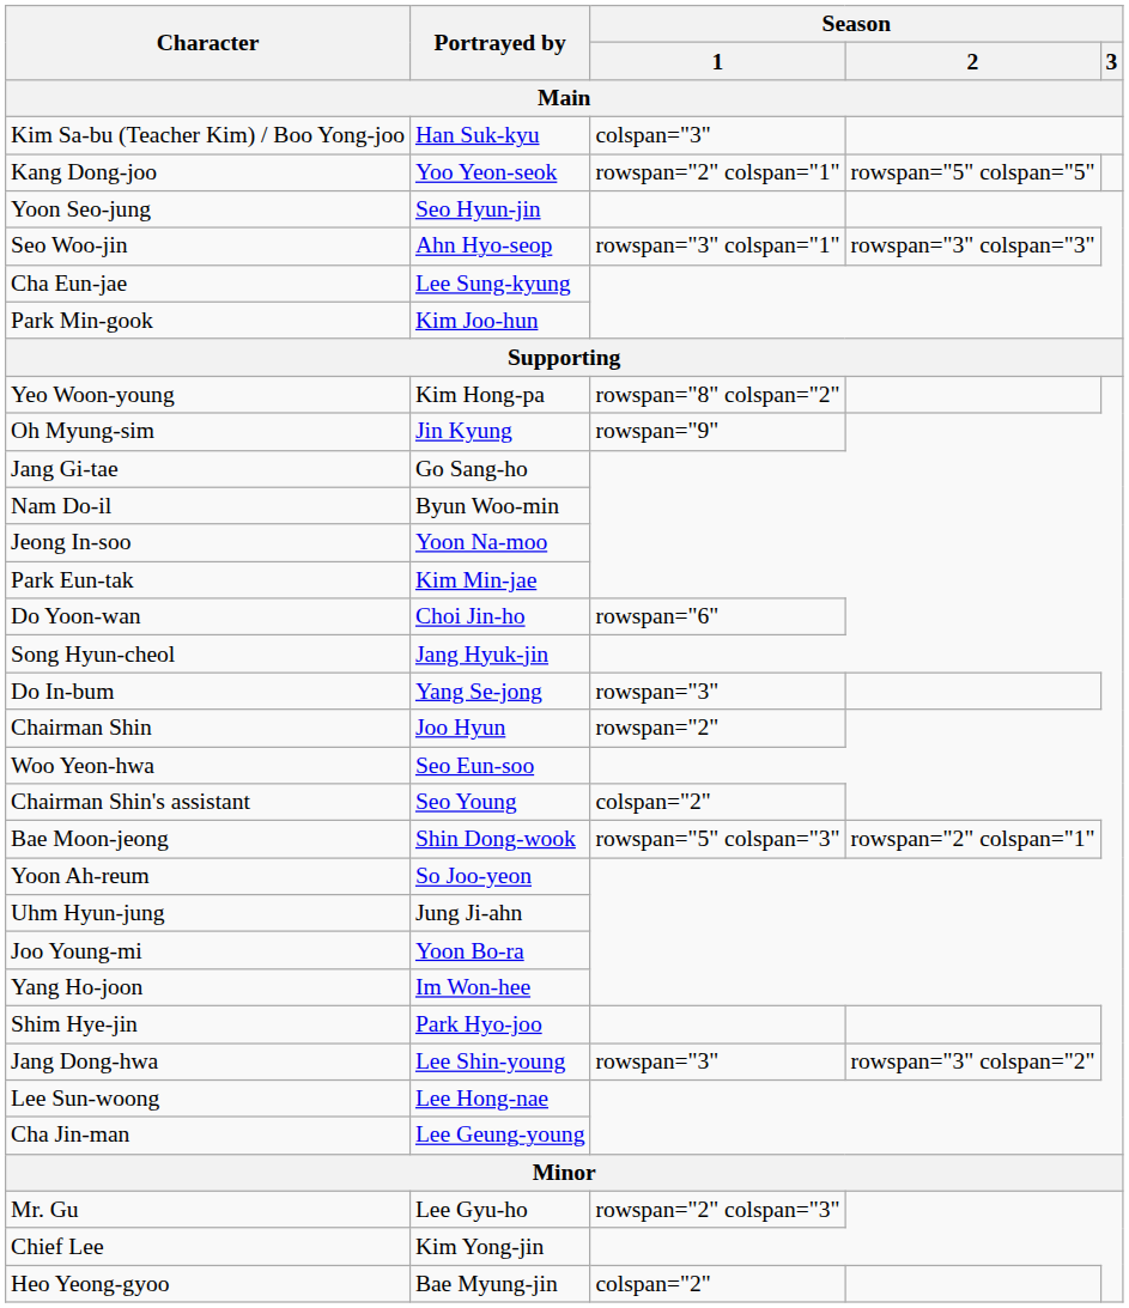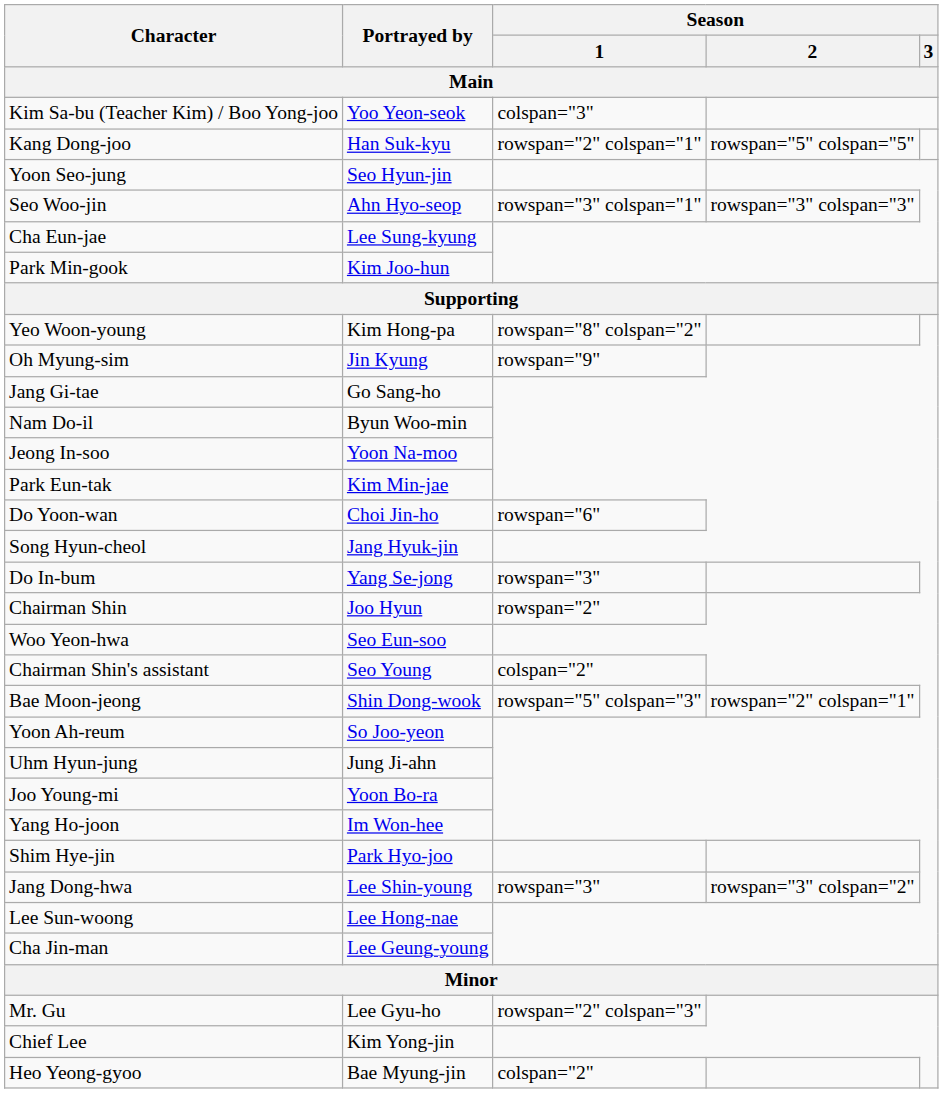 <table class="wikitable">
 <tr>
 <th scope="col" rowspan="2">Character</th>
 <th scope="col" rowspan="2">Portrayed by</th>
 <th colspan="3" scope="col">Season</th>
 </tr>
 <tr>
 <th scope="col">1</th>
 <th scope="col">2</th>
 <th scope="col">3</th>
 </tr>
 <tr>
 <th colspan="5" scope="col">Main</th>
 </tr>
 <tr>
 <td>Kim Sa-bu (Teacher Kim) / Boo Yong-joo</td>
-<td><a href='#'>Han Suk-kyu</a></td>
+<td><a href='#'>Yoo Yeon-seok</a></td>
 <td>colspan="3" </td>
 </tr>
 <tr>
 <td>Kang Dong-joo</td>
-<td><a href='#'>Yoo Yeon-seok</a></td>
+<td><a href='#'>Han Suk-kyu</a></td>
 <td>rowspan="2" colspan="1" </td>
 <td>rowspan="5" colspan="5" </td>
 <td></td>
 </tr>
 <tr>
 <td>Yoon Seo-jung</td>
 <td><a href='#'>Seo Hyun-jin</a></td>
 <td></td>
 </tr>
 <tr>
 <td>Seo Woo-jin</td>
 <td><a href='#'>Ahn Hyo-seop</a></td>
 <td>rowspan="3" colspan="1" </td>
 <td>rowspan="3" colspan="3" </td>
 </tr>
 <tr>
 <td>Cha Eun-jae</td>
 <td><a href='#'>Lee Sung-kyung</a></td>
 </tr>
 <tr>
 <td>Park Min-gook</td>
 <td><a href='#'>Kim Joo-hun</a></td>
 </tr>
 <tr>
 <th colspan="5" scope="col">Supporting</th>
 </tr>
 <tr>
 <td>Yeo Woon-young</td>
 <td>Kim Hong-pa</td>
 <td>rowspan="8" colspan="2" </td>
 <td></td>
 </tr>
 <tr>
 <td>Oh Myung-sim</td>
 <td><a href='#'>Jin Kyung</a></td>
 <td>rowspan="9" </td>
 </tr>
 <tr>
 <td>Jang Gi-tae</td>
 <td>Go Sang-ho</td>
 </tr>
 <tr>
 <td>Nam Do-il</td>
 <td>Byun Woo-min</td>
 </tr>
 <tr>
 <td>Jeong In-soo</td>
 <td><a href='#'>Yoon Na-moo</a></td>
 </tr>
 <tr>
 <td>Park Eun-tak</td>
 <td><a href='#'>Kim Min-jae</a></td>
 </tr>
 <tr>
 <td>Do Yoon-wan</td>
 <td><a href='#'>Choi Jin-ho</a></td>
 <td>rowspan="6" </td>
 </tr>
 <tr>
 <td>Song Hyun-cheol</td>
 <td><a href='#'>Jang Hyuk-jin</a></td>
 </tr>
 <tr>
 <td>Do In-bum</td>
 <td><a href='#'>Yang Se-jong</a></td>
 <td>rowspan="3" </td>
 <td></td>
 </tr>
 <tr>
 <td>Chairman Shin</td>
 <td><a href='#'>Joo Hyun</a></td>
 <td>rowspan="2" </td>
 </tr>
 <tr>
 <td>Woo Yeon-hwa</td>
 <td><a href='#'>Seo Eun-soo</a></td>
 </tr>
 <tr>
 <td>Chairman Shin's assistant</td>
 <td><a href='#'>Seo Young</a></td>
 <td>colspan="2" </td>
 </tr>
 <tr>
 <td>Bae Moon-jeong</td>
 <td><a href='#'>Shin Dong-wook</a></td>
 <td>rowspan="5" colspan="3" </td>
 <td>rowspan="2" colspan="1" </td>
 </tr>
 <tr>
 <td>Yoon Ah-reum</td>
 <td><a href='#'>So Joo-yeon</a></td>
 </tr>
 <tr>
 <td>Uhm Hyun-jung</td>
 <td>Jung Ji-ahn</td>
 </tr>
 <tr>
 <td>Joo Young-mi</td>
 <td><a href='#'>Yoon Bo-ra</a></td>
 </tr>
 <tr>
 <td>Yang Ho-joon</td>
 <td><a href='#'>Im Won-hee</a></td>
 </tr>
 <tr>
 <td>Shim Hye-jin</td>
 <td><a href='#'>Park Hyo-joo</a></td>
 <td></td>
 <td></td>
 </tr>
 <tr>
 <td>Jang Dong-hwa</td>
 <td><a href='#'>Lee Shin-young</a></td>
 <td>rowspan="3" </td>
 <td>rowspan="3" colspan="2" </td>
 </tr>
 <tr>
 <td>Lee Sun-woong</td>
 <td><a href='#'>Lee Hong-nae</a></td>
 </tr>
 <tr>
 <td>Cha Jin-man</td>
 <td><a href='#'>Lee Geung-young</a></td>
 </tr>
 <tr>
 <th colspan="5" scope="col">Minor</th>
 </tr>
 <tr>
 <td>Mr. Gu</td>
 <td>Lee Gyu-ho</td>
 <td>rowspan="2" colspan="3" </td>
 </tr>
 <tr>
 <td>Chief Lee</td>
 <td>Kim Yong-jin</td>
 </tr>
 <tr>
 <td>Heo Yeong-gyoo</td>
 <td>Bae Myung-jin</td>
 <td>colspan="2" </td>
 <td></td>
 </tr>
 </table>
